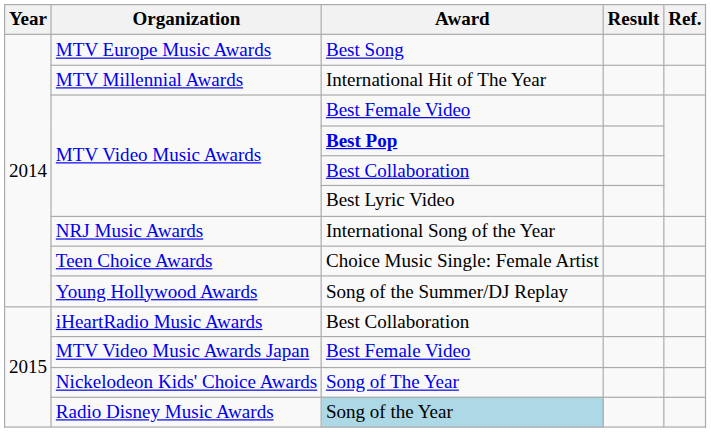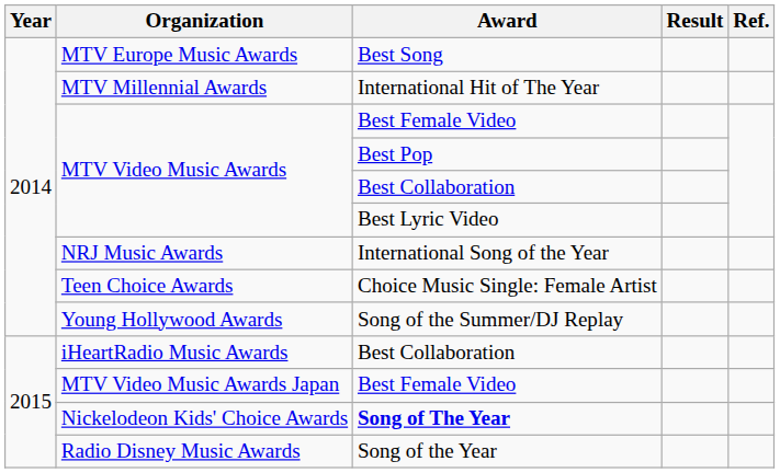 <table class="wikitable plainrowheaders">
 <tr>
 <th>Year</th>
 <th>Organization</th>
 <th>Award</th>
 <th>Result</th>
 <th>Ref.</th>
 </tr>
 <tr>
 <td rowspan="9">2014</td>
 <td><a href='#'>MTV Europe Music Awards</a></td>
 <td><a href='#'>Best Song</a></td>
 <td></td>
 <td></td>
 </tr>
 <tr>
 <td><a href='#'>MTV Millennial Awards</a></td>
 <td>International Hit of The Year</td>
 <td></td>
 <td></td>
 </tr>
 <tr>
 <td rowspan="4"><a href='#'>MTV Video Music Awards</a></td>
 <td><a href='#'>Best Female Video</a></td>
 <td></td>
 <td rowspan="4"></td>
 </tr>
 <tr>
-<td><strong><a href='#'>Best Pop</a></strong></td>
+<td><a href='#'>Best Pop</a></td>
 <td></td>
 </tr>
 <tr>
 <td><a href='#'>Best Collaboration</a></td>
 <td></td>
 </tr>
 <tr>
 <td>Best Lyric Video</td>
 <td></td>
 </tr>
 <tr>
 <td><a href='#'>NRJ Music Awards</a></td>
 <td>International Song of the Year</td>
 <td></td>
 <td></td>
 </tr>
 <tr>
 <td><a href='#'>Teen Choice Awards</a></td>
 <td>Choice Music Single: Female Artist</td>
 <td></td>
 <td></td>
 </tr>
 <tr>
 <td><a href='#'>Young Hollywood Awards</a></td>
 <td>Song of the Summer/DJ Replay</td>
 <td></td>
 <td></td>
 </tr>
 <tr>
 <td rowspan="4">2015</td>
 <td><a href='#'>iHeartRadio Music Awards</a></td>
 <td>Best Collaboration</td>
 <td></td>
 <td></td>
 </tr>
 <tr>
 <td><a href='#'>MTV Video Music Awards Japan</a></td>
 <td><a href='#'>Best Female Video</a></td>
 <td></td>
 <td></td>
 </tr>
 <tr>
 <td><a href='#'>Nickelodeon Kids' Choice Awards</a></td>
-<td><a href='#'>Song of The Year</a></td>
+<td><strong><a href='#'>Song of The Year</a></strong></td>
 <td></td>
 <td></td>
 </tr>
 <tr>
 <td><a href='#'>Radio Disney Music Awards</a></td>
-<td style="background: lightblue;">Song of the Year</td>
+<td>Song of the Year</td>
 <td></td>
 <td></td>
 </tr>
 </table>
